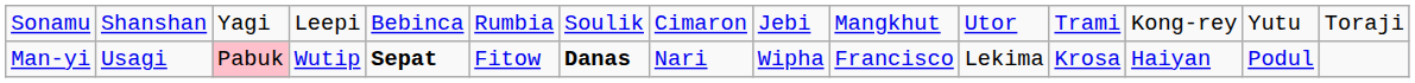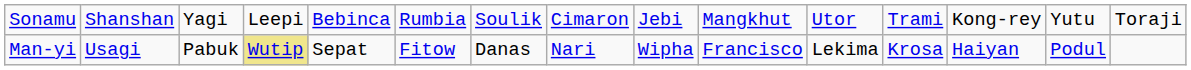 <table class="wikitable">
 <tr>
 <td><a href='#'>Sonamu</a></td>
 <td><a href='#'>Shanshan</a></td>
 <td>Yagi</td>
 <td>Leepi</td>
 <td><a href='#'>Bebinca</a></td>
 <td><a href='#'>Rumbia</a></td>
 <td><a href='#'>Soulik</a></td>
 <td><a href='#'>Cimaron</a></td>
 <td><a href='#'>Jebi</a></td>
 <td><a href='#'>Mangkhut</a></td>
 <td><a href='#'>Utor</a></td>
 <td><a href='#'>Trami</a></td>
 <td>Kong-rey</td>
 <td>Yutu</td>
 <td>Toraji</td>
 </tr>
 <tr>
 <td><a href='#'>Man-yi</a></td>
 <td><a href='#'>Usagi</a></td>
-<td style="background: pink;">Pabuk</td>
-<td><a href='#'>Wutip</a></td>
-<td><strong>Sepat</strong></td>
+<td>Pabuk</td>
+<td style="background: khaki;"><a href='#'>Wutip</a></td>
+<td>Sepat</td>
 <td><a href='#'>Fitow</a></td>
-<td><strong>Danas</strong></td>
+<td>Danas</td>
 <td><a href='#'>Nari</a></td>
 <td><a href='#'>Wipha</a></td>
 <td><a href='#'>Francisco</a></td>
 <td>Lekima</td>
 <td><a href='#'>Krosa</a></td>
 <td><a href='#'>Haiyan</a></td>
 <td><a href='#'>Podul</a></td>
 </tr>
 </table>
